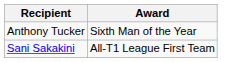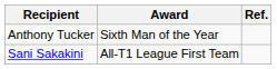 <table class="wikitable">
 <tr>
 <th>Recipient</th>
 <th>Award</th>
+<th>Ref.</th>
 </tr>
 <tr>
 <td>Anthony Tucker</td>
 <td>Sixth Man of the Year</td>
+<td></td>
 </tr>
 <tr>
 <td><a href='#'>Sani Sakakini</a></td>
 <td>All-T1 League First Team</td>
+<td></td>
 </tr>
 </table>
